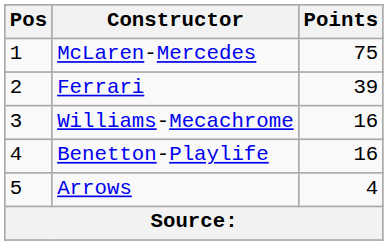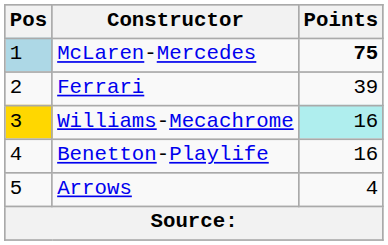 <table class="wikitable" style="font-size:95%;">
 <tr>
 <th>Pos</th>
 <th>Constructor</th>
 <th>Points</th>
 </tr>
 <tr>
-<td>1</td>
+<td style="background: lightblue;">1</td>
 <td> <a href='#'>McLaren</a>-<a href='#'>Mercedes</a></td>
-<td align="right">75</td>
+<td align="right"><strong>75</strong></td>
 </tr>
 <tr>
 <td>2</td>
 <td> <a href='#'>Ferrari</a></td>
 <td align="right">39</td>
 </tr>
 <tr>
-<td>3</td>
+<td style="background: gold;">3</td>
 <td> <a href='#'>Williams</a>-<a href='#'>Mecachrome</a></td>
-<td align="right">16</td>
+<td align="right" style="background: paleturquoise;">16</td>
 </tr>
 <tr>
 <td>4</td>
 <td> <a href='#'>Benetton</a>-<a href='#'>Playlife</a></td>
 <td align="right">16</td>
 </tr>
 <tr>
 <td>5</td>
 <td> <a href='#'>Arrows</a></td>
 <td align="right">4</td>
 </tr>
 <tr>
 <th colspan=4>Source: </th>
 </tr>
 </table>
